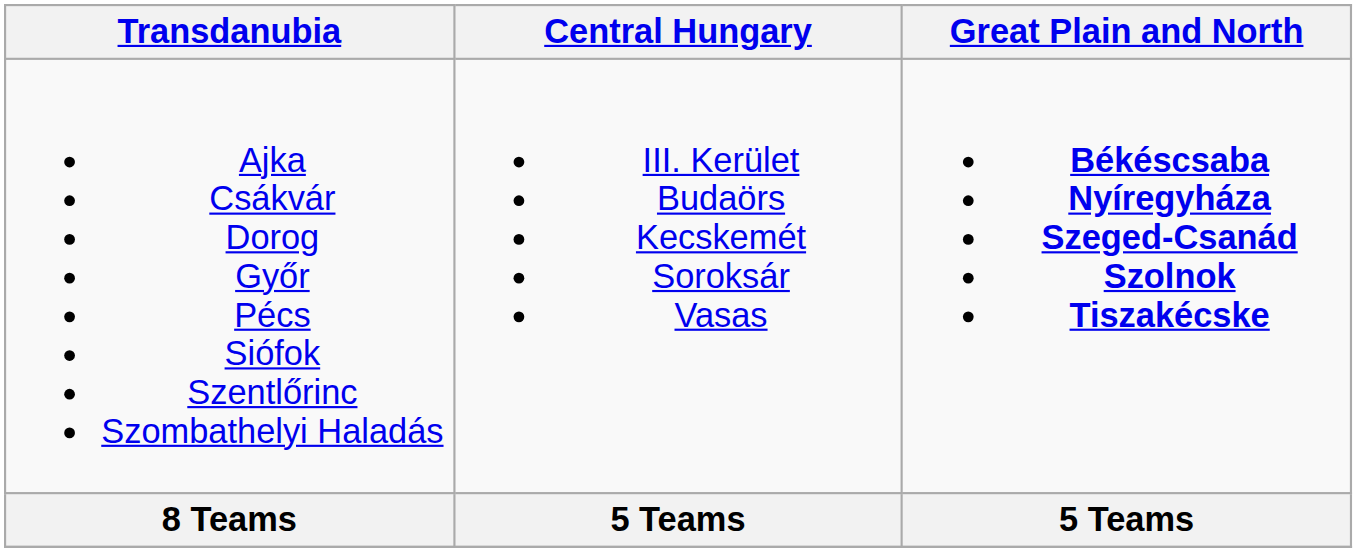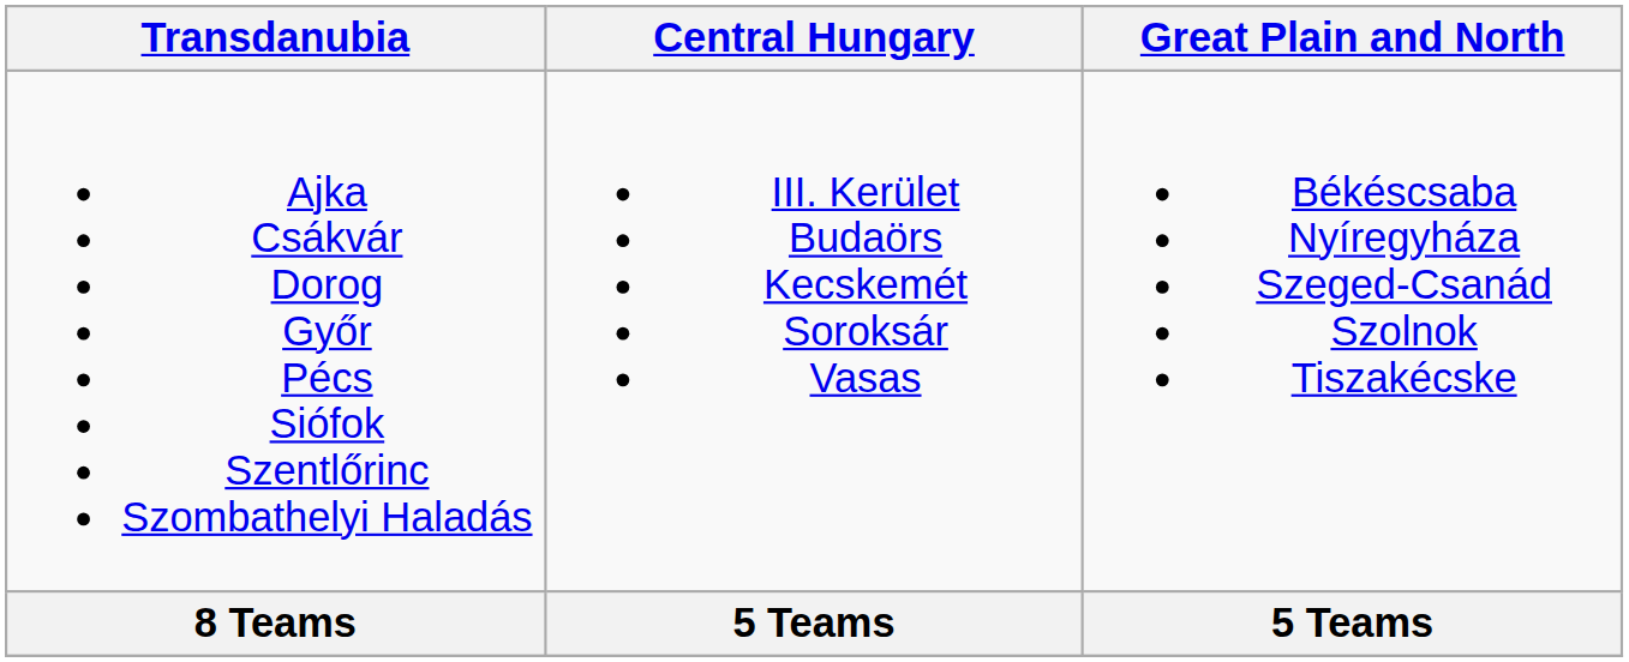 <table class="wikitable" style="clear:right;white-space:nowrap;">
 <tr>
 <th width="33%"><a href='#'>Transdanubia</a></th>
 <th width="33%"><a href='#'>Central Hungary</a></th>
 <th width="33%"><a href='#'>Great Plain and North</a></th>
 </tr>
 <tr align="center" valign="top">
 <td><br><ul><li><a href='#'>Ajka</a></li><li><a href='#'>Csákvár</a></li><li><a href='#'>Dorog</a></li><li><a href='#'>Győr</a></li><li><a href='#'>Pécs</a></li><li><a href='#'>Siófok</a></li><li><a href='#'>Szentlőrinc</a></li><li><a href='#'>Szombathelyi Haladás</a></li></ul></td>
 <td><br><ul><li><a href='#'>III. Kerület</a></li><li><a href='#'>Budaörs</a></li><li><a href='#'>Kecskemét</a></li><li><a href='#'>Soroksár</a></li><li><a href='#'>Vasas</a></li></ul></td>
-<td><strong><br><ul><li><a href='#'>Békéscsaba</a></li><li><a href='#'>Nyíregyháza</a></li><li><a href='#'>Szeged-Csanád</a></li><li><a href='#'>Szolnok</a></li><li><a href='#'>Tiszakécske</a></li></ul></strong></td>
+<td><br><ul><li><a href='#'>Békéscsaba</a></li><li><a href='#'>Nyíregyháza</a></li><li><a href='#'>Szeged-Csanád</a></li><li><a href='#'>Szolnok</a></li><li><a href='#'>Tiszakécske</a></li></ul></td>
 </tr>
 <tr>
 <th>8 Teams</th>
 <th>5 Teams</th>
 <th>5 Teams</th>
 </tr>
 <tr>
 </tr>
 </table>
